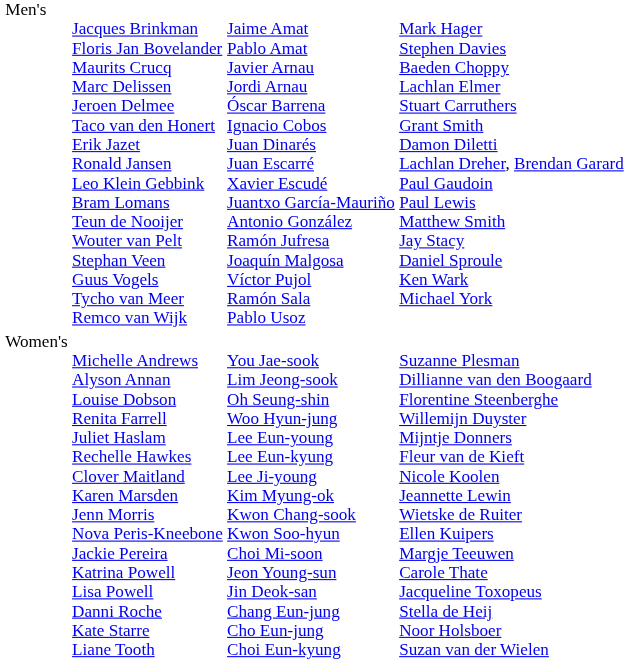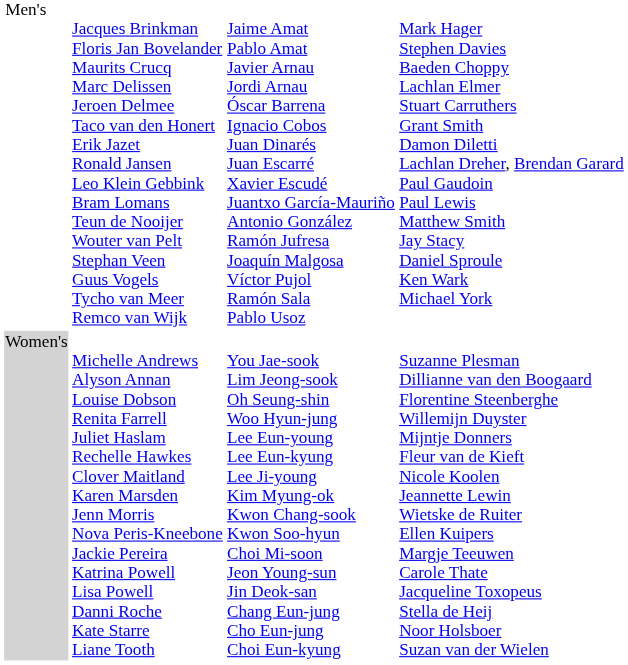 <table>
 <tr valign="top">
 <td>Men's <br></td>
 <td><br><a href='#'>Jacques Brinkman</a><br><a href='#'>Floris Jan Bovelander</a><br><a href='#'>Maurits Crucq</a><br><a href='#'>Marc Delissen</a><br><a href='#'>Jeroen Delmee</a><br><a href='#'>Taco van den Honert</a><br><a href='#'>Erik Jazet</a><br><a href='#'>Ronald Jansen</a><br><a href='#'>Leo Klein Gebbink</a><br><a href='#'>Bram Lomans</a><br><a href='#'>Teun de Nooijer</a><br><a href='#'>Wouter van Pelt</a><br><a href='#'>Stephan Veen</a><br><a href='#'>Guus Vogels</a><br><a href='#'>Tycho van Meer</a><br><a href='#'>Remco van Wijk</a></td>
 <td><br><a href='#'>Jaime Amat</a><br><a href='#'>Pablo Amat</a><br><a href='#'>Javier Arnau</a><br><a href='#'>Jordi Arnau</a><br><a href='#'>Óscar Barrena</a><br><a href='#'>Ignacio Cobos</a><br><a href='#'>Juan Dinarés</a><br><a href='#'>Juan Escarré</a><br><a href='#'>Xavier Escudé</a><br><a href='#'>Juantxo García-Mauriño</a><br><a href='#'>Antonio González</a><br><a href='#'>Ramón Jufresa</a><br><a href='#'>Joaquín Malgosa</a><br><a href='#'>Víctor Pujol</a><br><a href='#'>Ramón Sala</a><br><a href='#'>Pablo Usoz</a></td>
 <td><br><a href='#'>Mark Hager</a><br><a href='#'>Stephen Davies</a><br><a href='#'>Baeden Choppy</a><br><a href='#'>Lachlan Elmer</a><br><a href='#'>Stuart Carruthers</a><br><a href='#'>Grant Smith</a><br><a href='#'>Damon Diletti</a><br><a href='#'>Lachlan Dreher</a>, <a href='#'>Brendan Garard</a><br><a href='#'>Paul Gaudoin</a><br><a href='#'>Paul Lewis</a><br><a href='#'>Matthew Smith</a><br><a href='#'>Jay Stacy</a><br><a href='#'>Daniel Sproule</a><br><a href='#'>Ken Wark</a><br><a href='#'>Michael York</a></td>
 </tr>
 <tr valign="top">
-<td>Women's<br></td>
+<td style="background: lightgrey;">Women's<br></td>
 <td><br><a href='#'>Michelle Andrews</a><br><a href='#'>Alyson Annan</a><br><a href='#'>Louise Dobson</a><br><a href='#'>Renita Farrell</a><br><a href='#'>Juliet Haslam</a><br><a href='#'>Rechelle Hawkes</a><br><a href='#'>Clover Maitland</a><br><a href='#'>Karen Marsden</a><br><a href='#'>Jenn Morris</a><br><a href='#'>Nova Peris-Kneebone</a><br><a href='#'>Jackie Pereira</a><br><a href='#'>Katrina Powell</a><br><a href='#'>Lisa Powell</a><br><a href='#'>Danni Roche</a><br><a href='#'>Kate Starre</a><br><a href='#'>Liane Tooth</a></td>
 <td><br><a href='#'>You Jae-sook</a><br><a href='#'>Lim Jeong-sook</a><br><a href='#'>Oh Seung-shin</a><br><a href='#'>Woo Hyun-jung</a><br><a href='#'>Lee Eun-young</a><br><a href='#'>Lee Eun-kyung</a><br><a href='#'>Lee Ji-young</a><br><a href='#'>Kim Myung-ok</a><br><a href='#'>Kwon Chang-sook</a><br><a href='#'>Kwon Soo-hyun</a><br><a href='#'>Choi Mi-soon</a><br><a href='#'>Jeon Young-sun</a><br><a href='#'>Jin Deok-san</a><br><a href='#'>Chang Eun-jung</a><br><a href='#'>Cho Eun-jung</a><br><a href='#'>Choi Eun-kyung</a></td>
 <td><br><a href='#'>Suzanne Plesman</a><br><a href='#'>Dillianne van den Boogaard</a><br><a href='#'>Florentine Steenberghe</a><br><a href='#'>Willemijn Duyster</a><br><a href='#'>Mijntje Donners</a><br><a href='#'>Fleur van de Kieft</a><br><a href='#'>Nicole Koolen</a><br><a href='#'>Jeannette Lewin</a><br><a href='#'>Wietske de Ruiter</a><br><a href='#'>Ellen Kuipers</a><br><a href='#'>Margje Teeuwen</a><br><a href='#'>Carole Thate</a><br><a href='#'>Jacqueline Toxopeus</a><br><a href='#'>Stella de Heij</a><br><a href='#'>Noor Holsboer</a><br><a href='#'>Suzan van der Wielen</a></td>
 </tr>
 </table>
